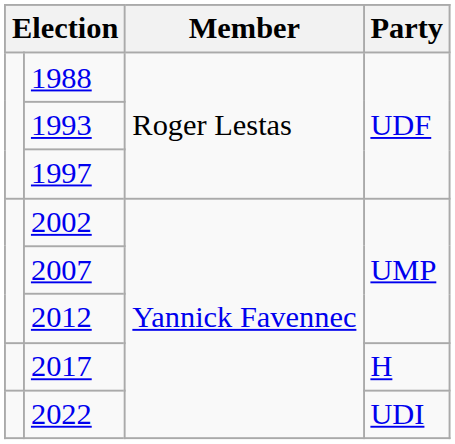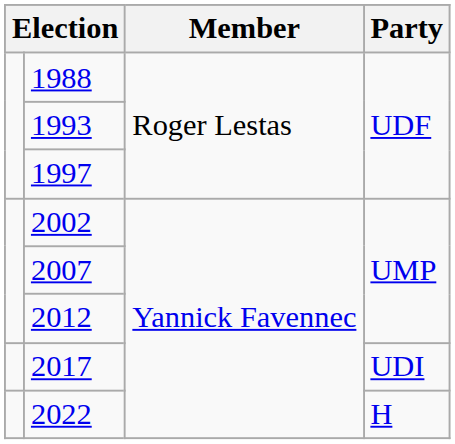 <table class="wikitable">
 <tr>
 <th colspan="2">Election</th>
 <th>Member</th>
 <th>Party</th>
 </tr>
 <tr>
 <td rowspan="3" style="color:inherit;background-color: "></td>
 <td><a href='#'>1988</a></td>
 <td rowspan="3">Roger Lestas</td>
 <td rowspan="3"><a href='#'>UDF</a></td>
 </tr>
 <tr>
 <td><a href='#'>1993</a></td>
 </tr>
 <tr>
 <td><a href='#'>1997</a></td>
 </tr>
 <tr>
 <td rowspan="3" style="color:inherit;background-color: "></td>
 <td><a href='#'>2002</a></td>
 <td rowspan="5"><a href='#'>Yannick Favennec</a></td>
 <td rowspan="3"><a href='#'>UMP</a></td>
 </tr>
 <tr>
 <td><a href='#'>2007</a></td>
 </tr>
 <tr>
 <td><a href='#'>2012</a></td>
 </tr>
 <tr>
 <td style="color:inherit;background-color: "></td>
 <td><a href='#'>2017</a></td>
-<td><a href='#'>H</a></td>
+<td><a href='#'>UDI</a></td>
 </tr>
 <tr>
 <td style="color:inherit;background-color: "></td>
 <td><a href='#'>2022</a></td>
-<td><a href='#'>UDI</a></td>
+<td><a href='#'>H</a></td>
 </tr>
 </table>
